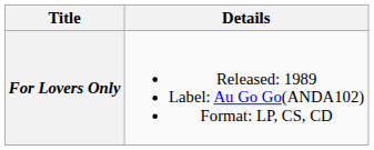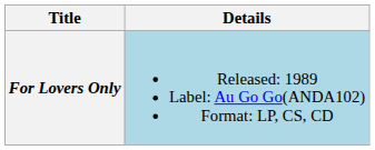 <table class="wikitable plainrowheaders" style="text-align:center;" border="1">
 <tr>
 <th>Title</th>
 <th>Details</th>
 </tr>
 <tr>
 <th scope="row"><em>For Lovers Only</em></th>
-<td><br><ul><li>Released: 1989</li><li>Label: <a href='#'>Au Go Go</a>(ANDA102)</li><li>Format: LP, CS, CD</li></ul></td>
+<td style="background: lightblue;"><br><ul><li>Released: 1989</li><li>Label: <a href='#'>Au Go Go</a>(ANDA102)</li><li>Format: LP, CS, CD</li></ul></td>
 </tr>
 </table>
